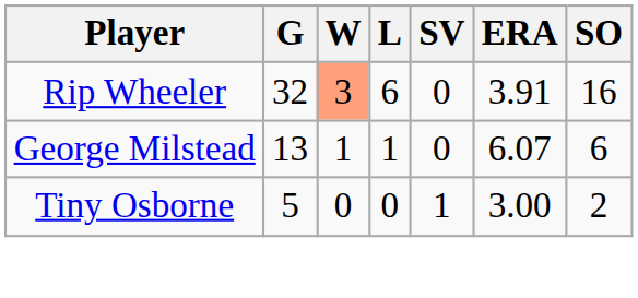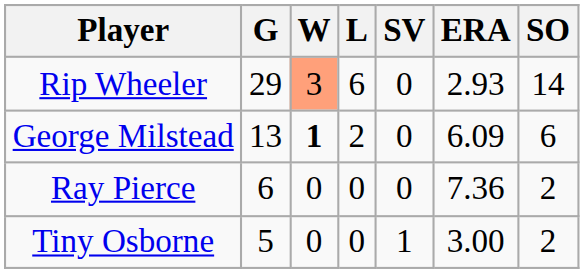 <table class="wikitable sortable" style="text-align:center;">
 <tr>
 <th>Player</th>
 <th>G</th>
 <th>W</th>
 <th>L</th>
 <th>SV</th>
 <th>ERA</th>
 <th>SO</th>
 </tr>
 <tr>
 <td><a href='#'>Rip Wheeler</a></td>
-<td>32</td>
+<td>29</td>
 <td style="background: lightsalmon;">3</td>
 <td>6</td>
 <td>0</td>
-<td>3.91</td>
-<td>16</td>
+<td>2.93</td>
+<td>14</td>
 </tr>
 <tr>
 <td><a href='#'>George Milstead</a></td>
 <td>13</td>
-<td>1</td>
-<td>1</td>
+<td><strong>1</strong></td>
+<td>2</td>
 <td>0</td>
-<td>6.07</td>
+<td>6.09</td>
 <td>6</td>
+</tr>
+<tr>
+<td><a href='#'>Ray Pierce</a></td>
+<td>6</td>
+<td>0</td>
+<td>0</td>
+<td>0</td>
+<td>7.36</td>
+<td>2</td>
 </tr>
 <tr>
 <td><a href='#'>Tiny Osborne</a></td>
 <td>5</td>
 <td>0</td>
 <td>0</td>
 <td>1</td>
 <td>3.00</td>
 <td>2</td>
 </tr>
 </table>
